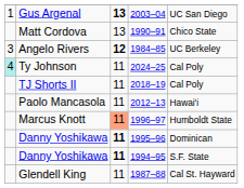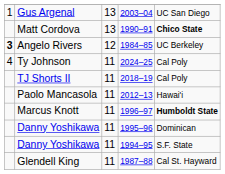 <table class="wikitable">
 <tr>
 </tr>
 <tr>
 <td>1</td>
 <td><a href='#'>Gus Argenal</a></td>
-<td><strong>13</strong></td>
+<td>13</td>
 <td style="font-size:80%;"><a href='#'>2003–04</a></td>
 <td style="font-size:80%;">UC San Diego</td>
 </tr>
 <tr>
 <td></td>
 <td>Matt Cordova</td>
 <td>13</td>
 <td style="font-size:80%;"><a href='#'>1990–91</a></td>
-<td style="font-size:80%;">Chico State</td>
+<td style="font-size:80%;"><strong>Chico State</strong></td>
 </tr>
 <tr>
-<td>3</td>
+<td><strong>3</strong></td>
 <td>Angelo Rivers</td>
-<td><strong>12</strong></td>
+<td>12</td>
 <td style="font-size:80%;"><a href='#'>1984–85</a></td>
 <td style="font-size:80%;">UC Berkeley</td>
 </tr>
 <tr>
-<td style="background: paleturquoise;">4</td>
+<td>4</td>
 <td>Ty Johnson</td>
 <td>11</td>
 <td style="font-size:80%;"><a href='#'>2024–25</a></td>
 <td style="font-size:80%;">Cal Poly</td>
 </tr>
 <tr>
 <td></td>
 <td><a href='#'>TJ Shorts II</a></td>
 <td>11</td>
 <td style="font-size:80%;"><a href='#'>2018–19</a></td>
 <td style="font-size:80%;">Cal Poly</td>
 </tr>
 <tr>
 <td></td>
 <td>Paolo Mancasola</td>
 <td>11</td>
 <td style="font-size:80%;"><a href='#'>2012–13</a></td>
 <td style="font-size:80%;">Hawai'i</td>
 </tr>
 <tr>
 <td></td>
 <td>Marcus Knott</td>
-<td style="background: lightsalmon;">11</td>
+<td>11</td>
 <td style="font-size:80%;"><a href='#'>1996–97</a></td>
-<td style="font-size:80%;">Humboldt State</td>
+<td style="font-size:80%;"><strong>Humboldt State</strong></td>
 </tr>
 <tr>
 <td></td>
 <td><a href='#'>Danny Yoshikawa</a></td>
-<td><strong>11</strong></td>
+<td>11</td>
 <td style="font-size:80%;"><a href='#'>1995–96</a></td>
 <td style="font-size:80%;">Dominican</td>
 </tr>
 <tr>
 <td></td>
 <td><a href='#'>Danny Yoshikawa</a></td>
-<td><strong>11</strong></td>
+<td>11</td>
 <td style="font-size:80%;"><a href='#'>1994–95</a></td>
 <td style="font-size:80%;">S.F. State</td>
 </tr>
 <tr>
 <td></td>
 <td>Glendell King</td>
 <td>11</td>
 <td style="font-size:80%;"><a href='#'>1987–88</a></td>
 <td style="font-size:80%;">Cal St. Hayward</td>
 </tr>
 </table>
